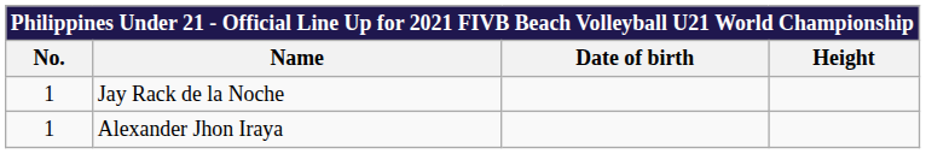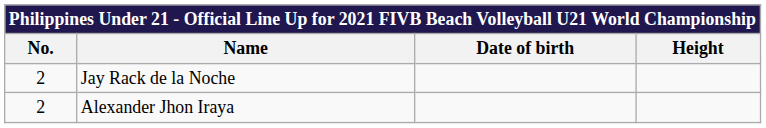 <table class="wikitable sortable" style="font-size:85%; text-align:left;">
 <tr>
 <th colspan=4 style="background:#1F174E; color:#FFFFFF;">Philippines Under 21 - Official Line Up for 2021 FIVB Beach Volleyball U21 World Championship</th>
 </tr>
 <tr>
 <th style= align=center "background:navy; color:white;">No.</th>
 <th style= align=center "width:15em; background:navy; color:white;">Name</th>
 <th style= align=center "background:navy; color:white;">Date of birth</th>
 <th style= align=center "width:10em; background:navy; color:white;">Height</th>
 </tr>
 <tr align=center>
-<td>1</td>
+<td>2</td>
 <td align=left>Jay Rack de la Noche</td>
 <td align=right></td>
 <td></td>
 </tr>
 <tr align=center>
-<td>1</td>
+<td>2</td>
 <td align=left>Alexander Jhon Iraya</td>
 <td align=right></td>
 <td></td>
 </tr>
 </table>
